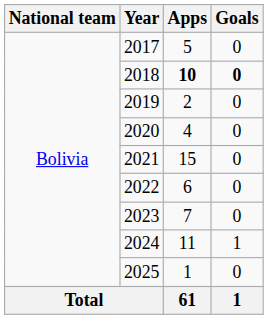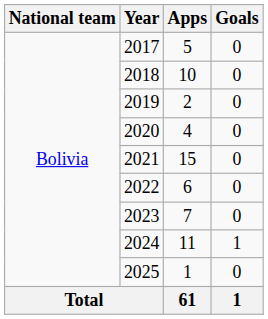 <table class="wikitable" style="text-align:center">
 <tr>
 <th>National team</th>
 <th>Year</th>
 <th>Apps</th>
 <th>Goals</th>
 </tr>
 <tr>
 <td rowspan="9"><a href='#'>Bolivia</a></td>
 <td>2017</td>
 <td>5</td>
 <td>0</td>
 </tr>
 <tr>
 <td>2018</td>
-<td><strong>10</strong></td>
-<td><strong>0</strong></td>
+<td>10</td>
+<td>0</td>
 </tr>
 <tr>
 <td>2019</td>
 <td>2</td>
 <td>0</td>
 </tr>
 <tr>
 <td>2020</td>
 <td>4</td>
 <td>0</td>
 </tr>
 <tr>
 <td>2021</td>
 <td>15</td>
 <td>0</td>
 </tr>
 <tr>
 <td>2022</td>
 <td>6</td>
 <td>0</td>
 </tr>
 <tr>
 <td>2023</td>
 <td>7</td>
 <td>0</td>
 </tr>
 <tr>
 <td>2024</td>
 <td>11</td>
 <td>1</td>
 </tr>
 <tr>
 <td>2025</td>
 <td>1</td>
 <td>0</td>
 </tr>
 <tr>
 <th colspan="2">Total</th>
 <th>61</th>
 <th>1</th>
 </tr>
 </table>
